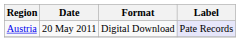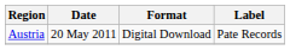 <table class=wikitable>
 <tr>
 <th>Region</th>
 <th>Date</th>
 <th>Format</th>
 <th>Label</th>
 </tr>
 <tr>
 <td><a href='#'>Austria</a></td>
 <td>20 May 2011</td>
 <td>Digital Download</td>
-<td style="background: lavender;">Pate Records</td>
+<td>Pate Records</td>
 </tr>
 <tr>
 </tr>
 </table>
